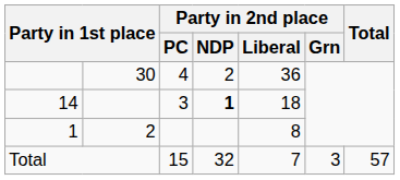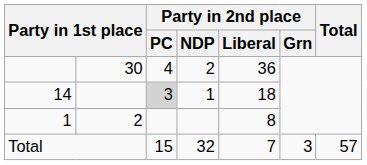 <table class="wikitable" style="text-align:right;">
 <tr>
 <th rowspan="2" colspan="2" style="text-align:left;">Party in 1st place</th>
 <th colspan="4">Party in 2nd place</th>
 <th rowspan="2">Total</th>
 </tr>
 <tr>
 <th>PC</th>
 <th>NDP</th>
 <th>Liberal</th>
 <th>Grn</th>
 </tr>
 <tr>
 <td></td>
 <td>30</td>
 <td>4</td>
 <td>2</td>
 <td>36</td>
 </tr>
 <tr>
 <td>14</td>
 <td></td>
-<td>3</td>
-<td><strong>1</strong></td>
+<td style="background: lightgrey;">3</td>
+<td>1</td>
 <td>18</td>
 </tr>
 <tr>
 <td>1</td>
 <td>2</td>
 <td></td>
 <td></td>
 <td>8</td>
 </tr>
 <tr>
 <td colspan="2" style="text-align:left;">Total</td>
 <td>15</td>
 <td>32</td>
 <td>7</td>
 <td>3</td>
 <td>57</td>
 </tr>
 </table>
